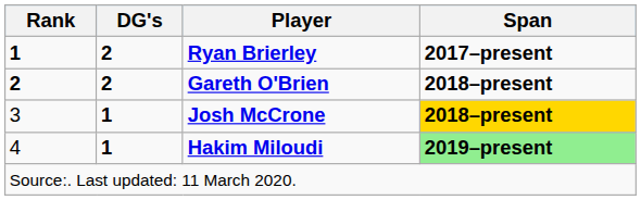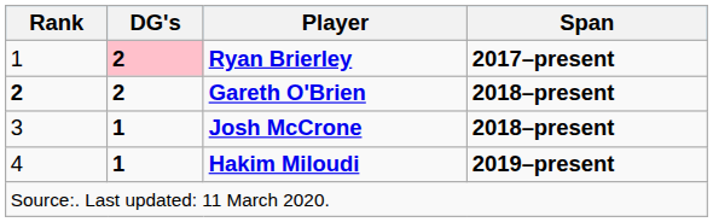 <table class="wikitable" style="width:40%;">
 <tr style="background:#87cefa;">
 <th>Rank</th>
 <th>DG's</th>
 <th>Player</th>
 <th>Span</th>
 </tr>
 <tr>
-<td><strong>1</strong></td>
-<td><strong>2</strong></td>
+<td>1</td>
+<td style="background: pink;"><strong>2</strong></td>
 <td> <strong><a href='#'>Ryan Brierley</a></strong></td>
 <td><strong>2017–present</strong></td>
 </tr>
 <tr>
 <td><strong>2</strong></td>
 <td><strong>2</strong></td>
 <td> <strong><a href='#'>Gareth O'Brien</a></strong></td>
 <td><strong>2018–present</strong></td>
 </tr>
 <tr>
 <td>3</td>
 <td><strong>1</strong></td>
 <td> <strong><a href='#'>Josh McCrone</a></strong></td>
-<td style="background: gold;"><strong>2018–present</strong></td>
+<td><strong>2018–present</strong></td>
 </tr>
 <tr>
 <td>4</td>
 <td><strong>1</strong></td>
 <td> <strong><a href='#'>Hakim Miloudi</a></strong></td>
-<td style="background: lightgreen;"><strong>2019–present</strong></td>
+<td><strong>2019–present</strong></td>
 </tr>
 <tr>
 <td colspan=4><small>Source:. Last updated: 11 March 2020.</small></td>
 </tr>
 </table>
